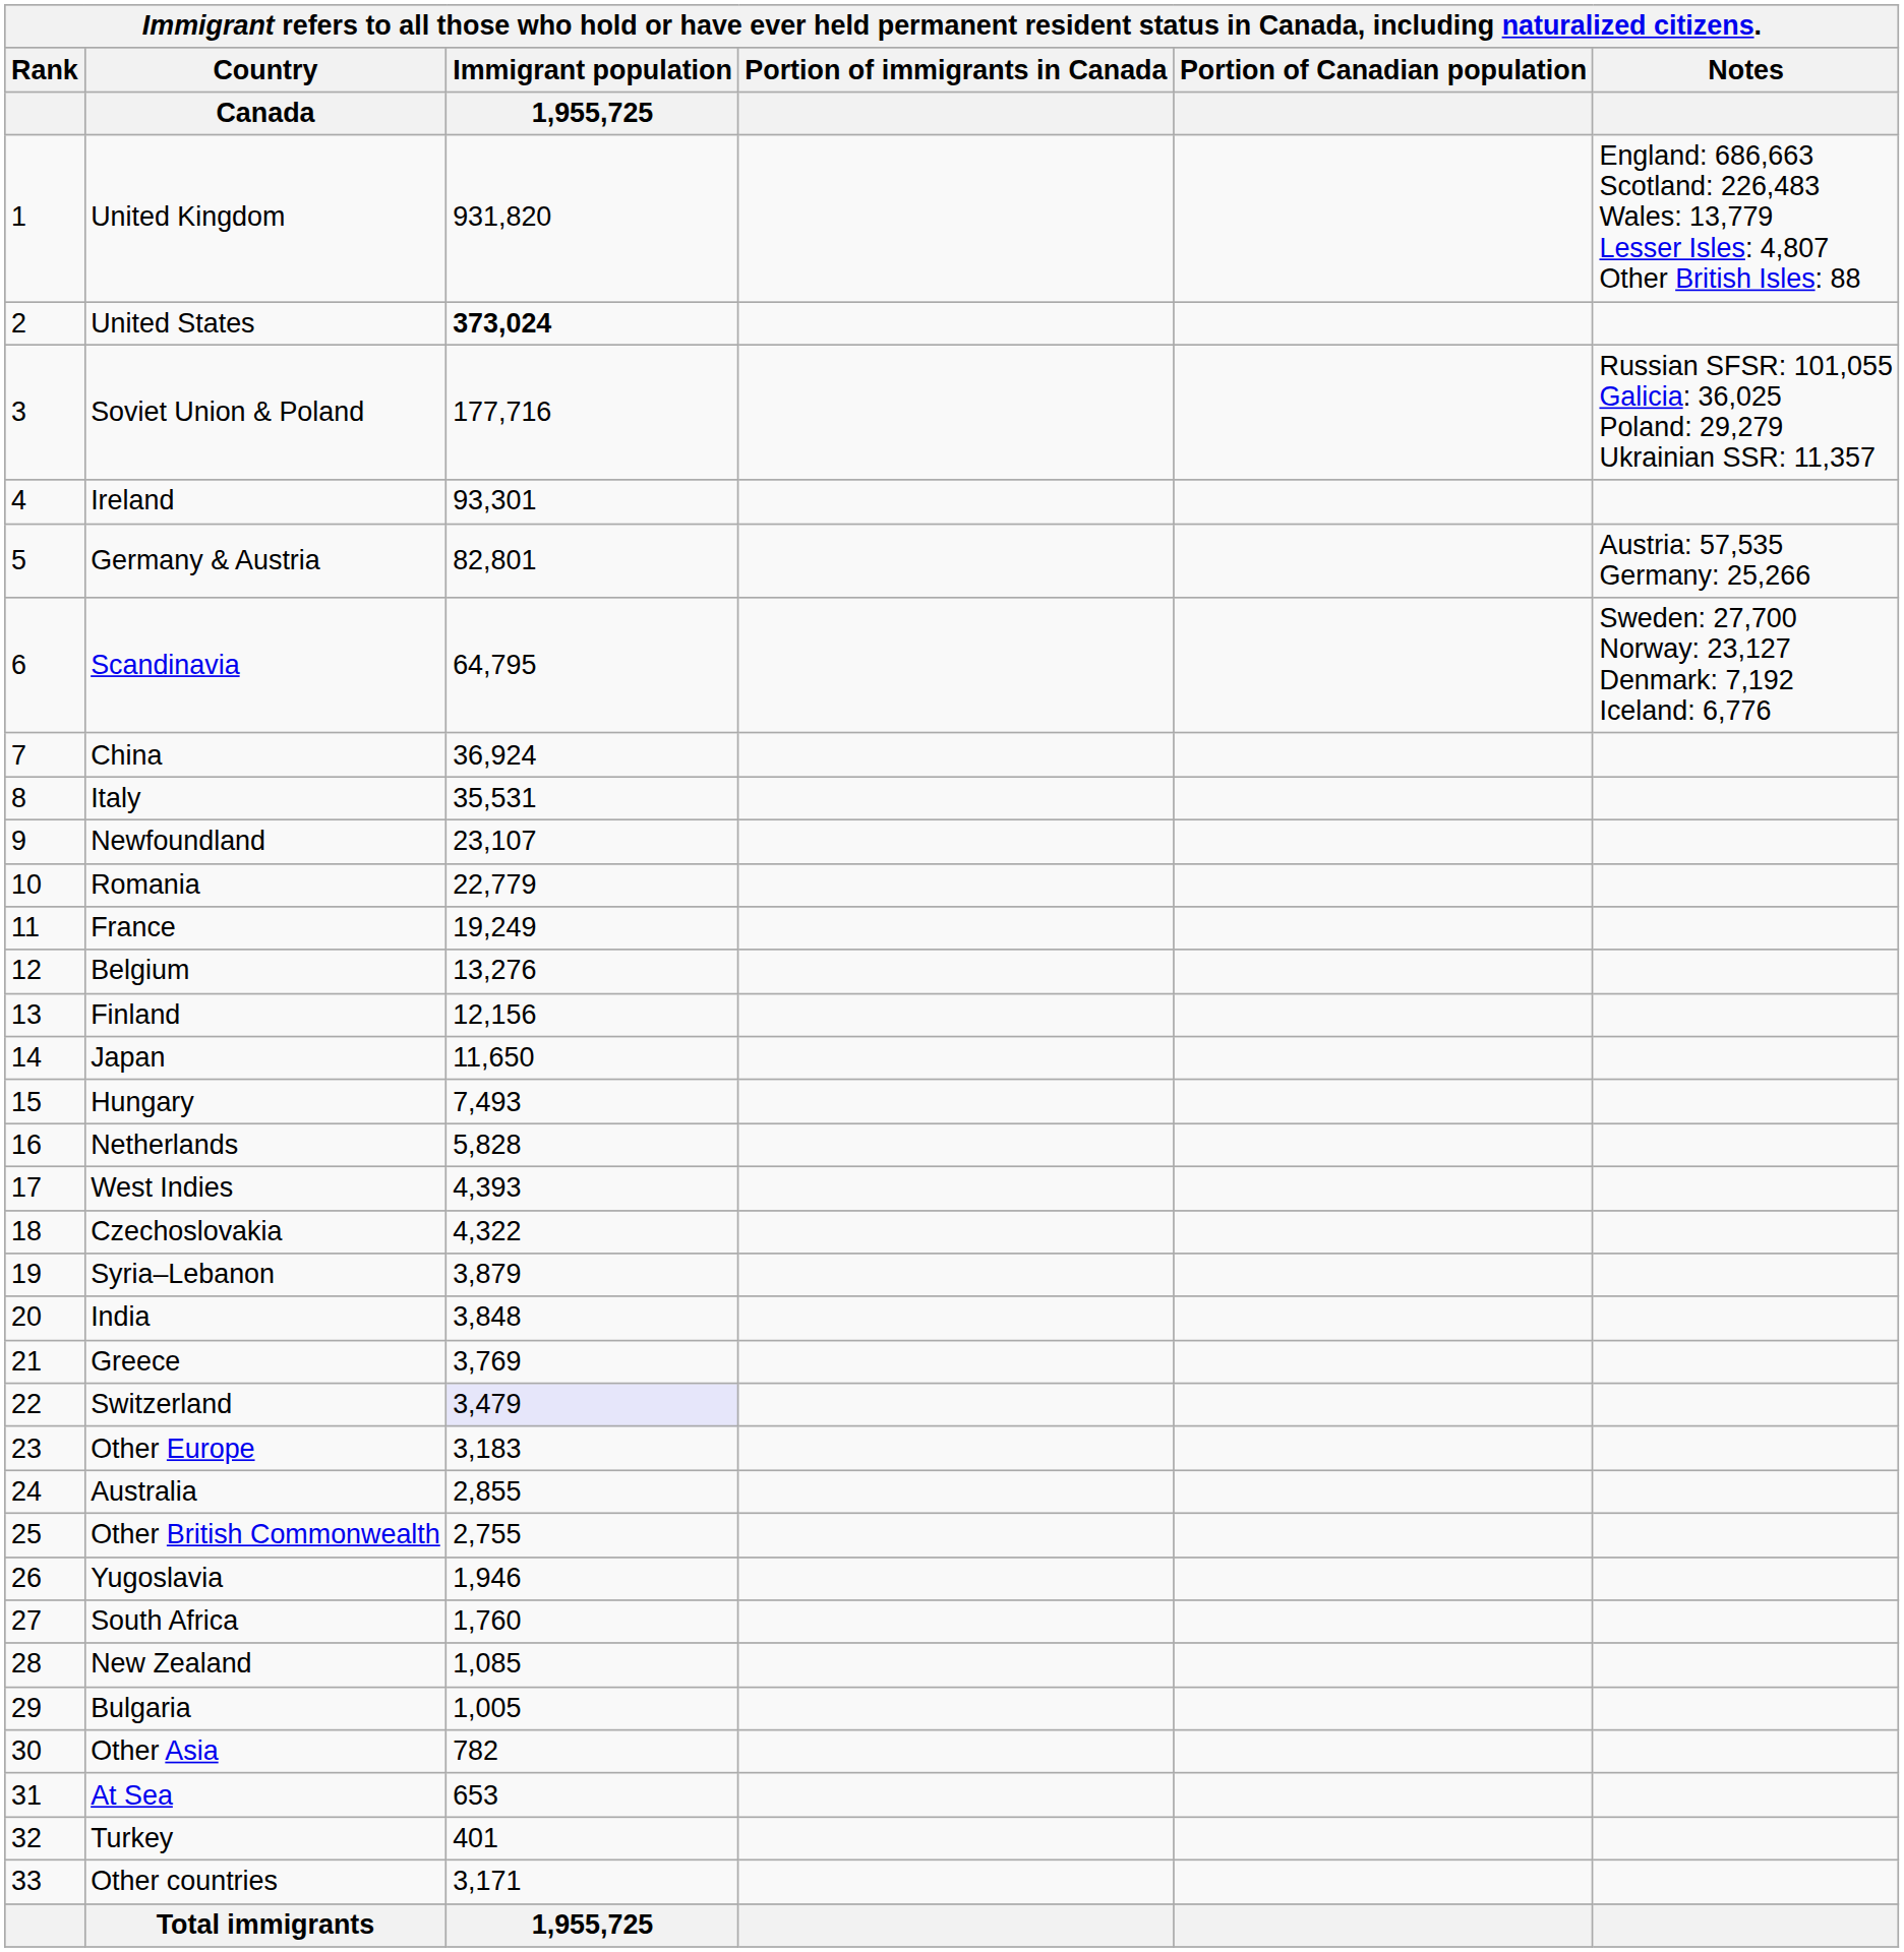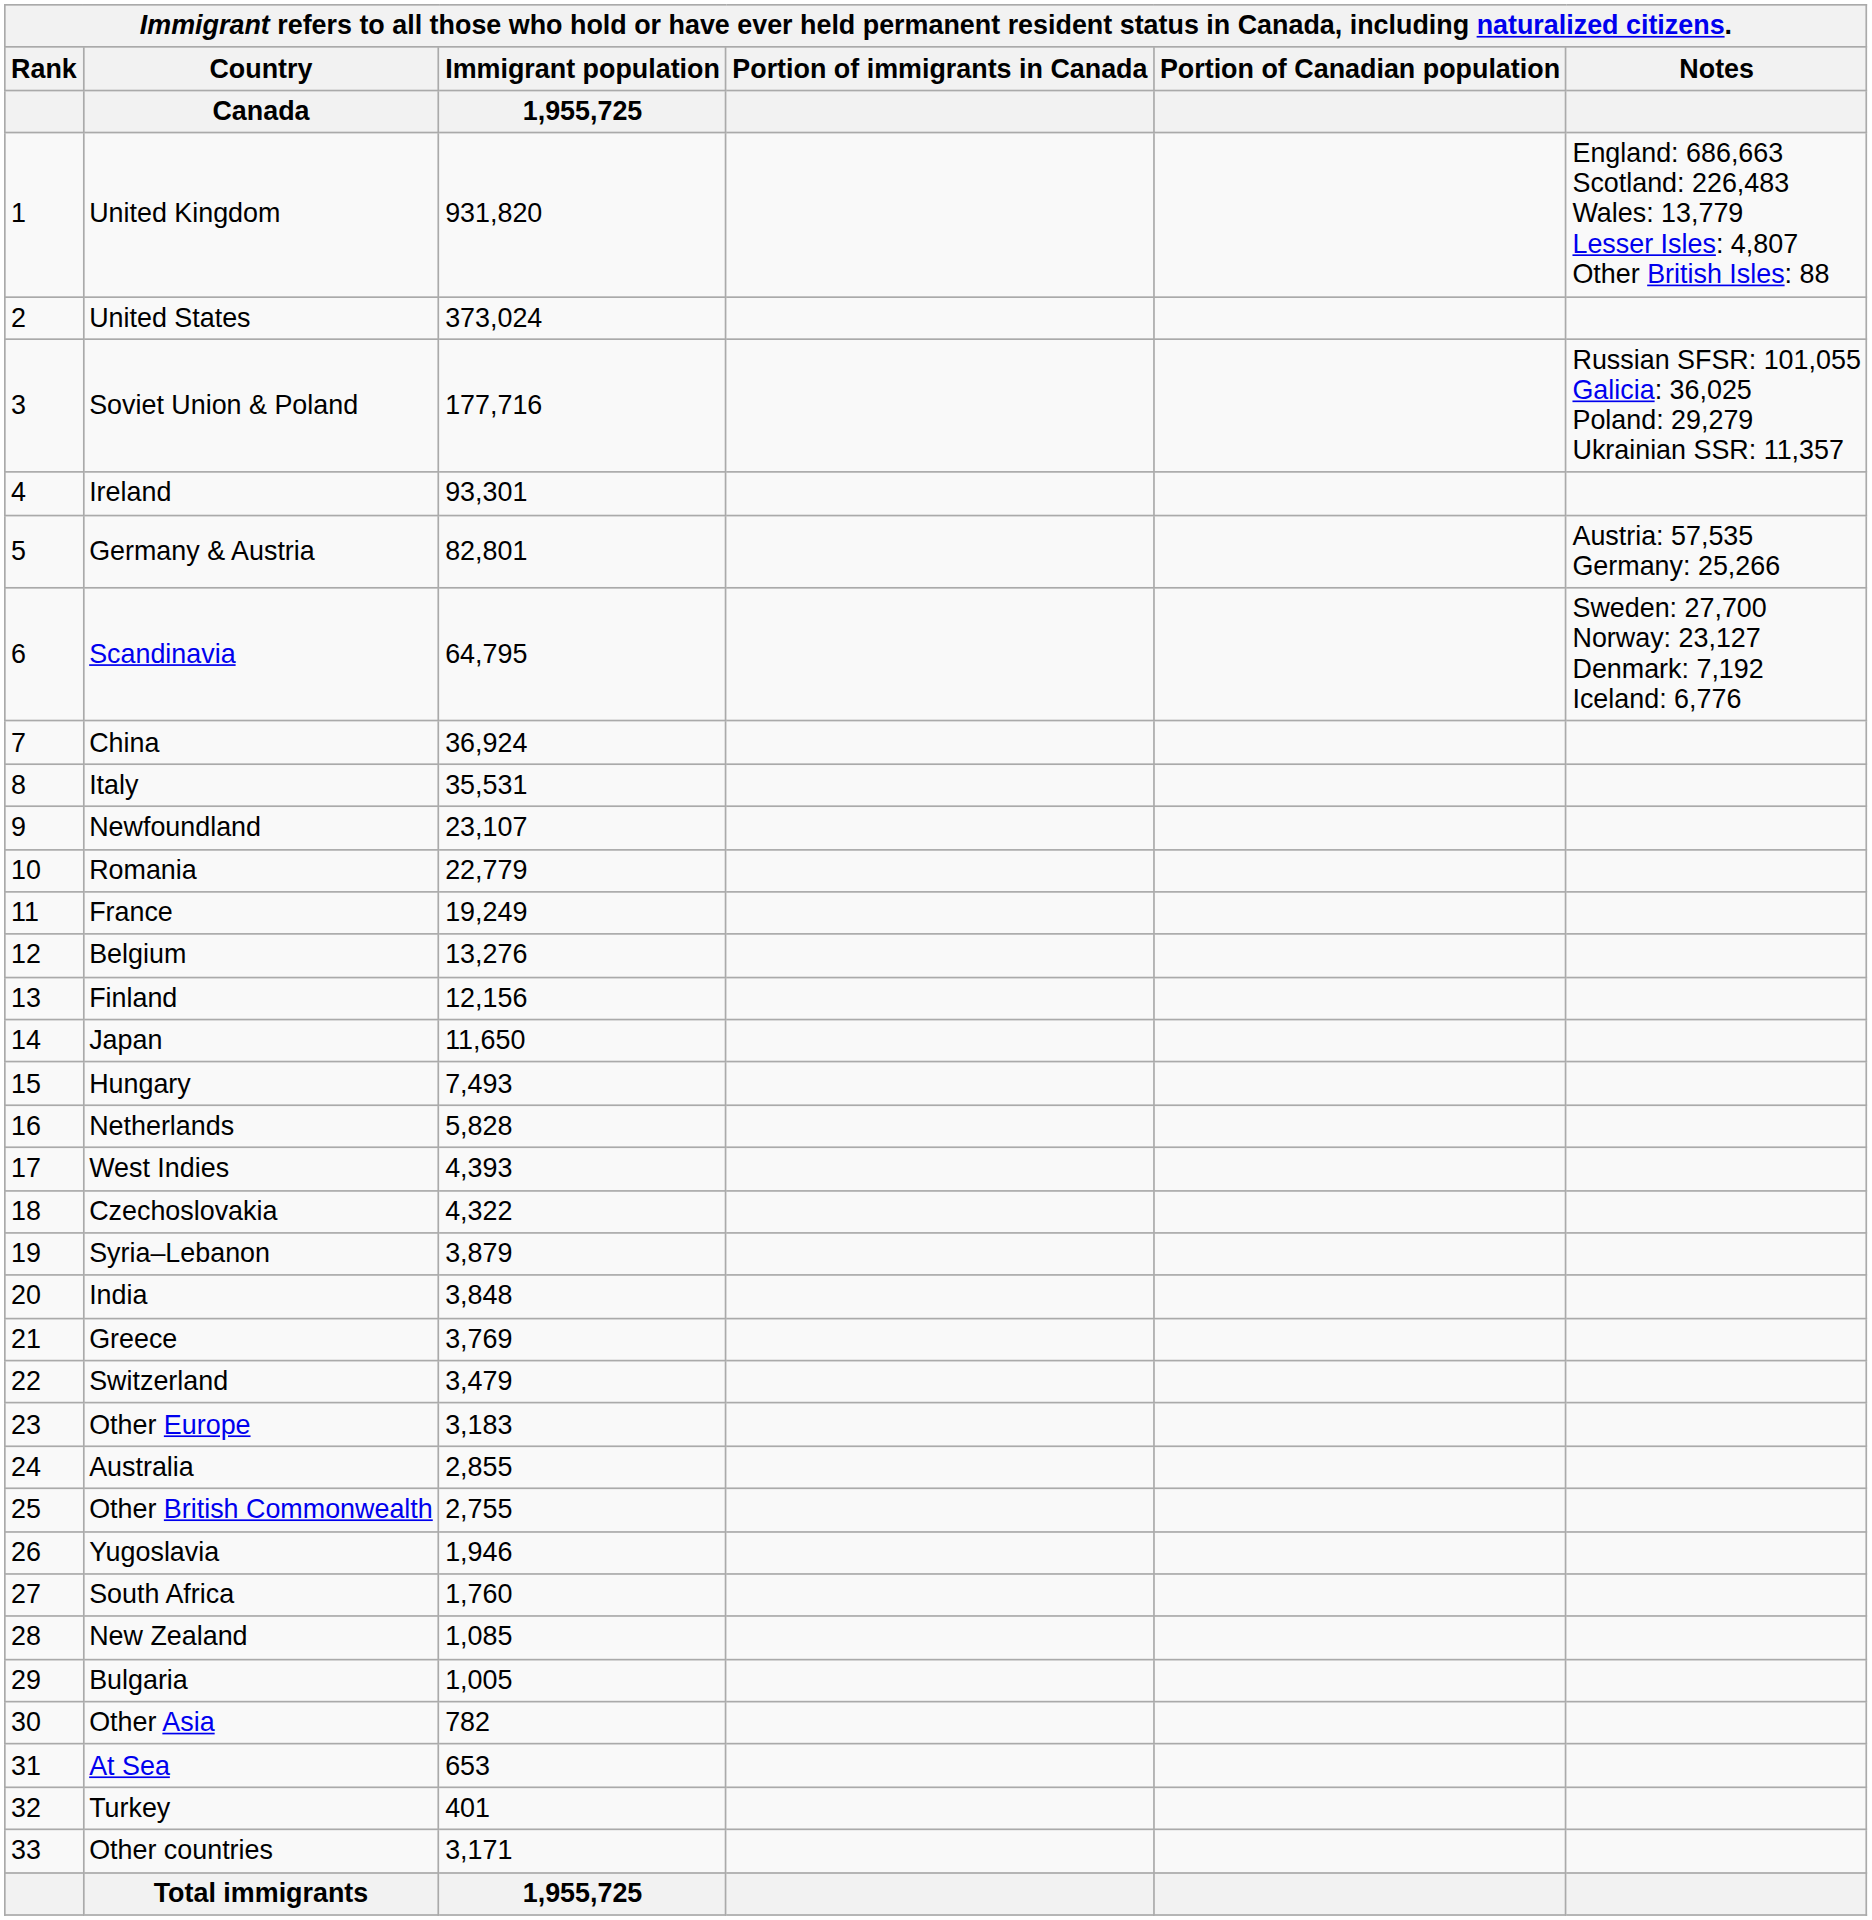 <table class="wikitable sortable">
 <tr>
 <th colspan="6"><em>Immigrant</em> refers to all those who hold or have ever held permanent resident status in Canada, including <a href='#'>naturalized citizens</a>.</th>
 </tr>
 <tr>
 <th>Rank</th>
 <th>Country</th>
 <th>Immigrant population</th>
 <th>Portion of immigrants in Canada</th>
 <th>Portion of Canadian population</th>
 <th>Notes</th>
 </tr>
 <tr>
 <th></th>
 <th>Canada</th>
 <th>1,955,725</th>
 <th></th>
 <th></th>
 <th></th>
 </tr>
 <tr>
 <td>1</td>
 <td>United Kingdom</td>
 <td>931,820</td>
 <td></td>
 <td></td>
 <td>England: 686,663<br>Scotland: 226,483<br>Wales: 13,779<br><a href='#'>Lesser Isles</a>: 4,807<br>Other <a href='#'>British Isles</a>: 88</td>
 </tr>
 <tr>
 <td>2</td>
 <td>United States</td>
-<td><strong>373,024</strong></td>
+<td>373,024</td>
 <td></td>
 <td></td>
 <td></td>
 </tr>
 <tr>
 <td>3</td>
 <td>Soviet Union & Poland</td>
 <td>177,716</td>
 <td></td>
 <td></td>
 <td>Russian SFSR: 101,055<br><a href='#'>Galicia</a>: 36,025<br>Poland: 29,279<br>Ukrainian SSR: 11,357</td>
 </tr>
 <tr>
 <td>4</td>
 <td>Ireland</td>
 <td>93,301</td>
 <td></td>
 <td></td>
 <td></td>
 </tr>
 <tr>
 <td>5</td>
 <td>Germany & Austria</td>
 <td>82,801</td>
 <td></td>
 <td></td>
 <td>Austria: 57,535<br>Germany: 25,266</td>
 </tr>
 <tr>
 <td>6</td>
 <td><a href='#'>Scandinavia</a></td>
 <td>64,795</td>
 <td></td>
 <td></td>
 <td>Sweden: 27,700<br>Norway: 23,127<br>Denmark: 7,192<br>Iceland: 6,776</td>
 </tr>
 <tr>
 <td>7</td>
 <td>China</td>
 <td>36,924</td>
 <td></td>
 <td></td>
 <td></td>
 </tr>
 <tr>
 <td>8</td>
 <td>Italy</td>
 <td>35,531</td>
 <td></td>
 <td></td>
 <td></td>
 </tr>
 <tr>
 <td>9</td>
 <td>Newfoundland</td>
 <td>23,107</td>
 <td></td>
 <td></td>
 <td></td>
 </tr>
 <tr>
 <td>10</td>
 <td>Romania</td>
 <td>22,779</td>
 <td></td>
 <td></td>
 <td></td>
 </tr>
 <tr>
 <td>11</td>
 <td>France</td>
 <td>19,249</td>
 <td></td>
 <td></td>
 <td></td>
 </tr>
 <tr>
 <td>12</td>
 <td>Belgium</td>
 <td>13,276</td>
 <td></td>
 <td></td>
 <td></td>
 </tr>
 <tr>
 <td>13</td>
 <td>Finland</td>
 <td>12,156</td>
 <td></td>
 <td></td>
 <td></td>
 </tr>
 <tr>
 <td>14</td>
 <td>Japan</td>
 <td>11,650</td>
 <td></td>
 <td></td>
 <td></td>
 </tr>
 <tr>
 <td>15</td>
 <td>Hungary</td>
 <td>7,493</td>
 <td></td>
 <td></td>
 <td></td>
 </tr>
 <tr>
 <td>16</td>
 <td>Netherlands</td>
 <td>5,828</td>
 <td></td>
 <td></td>
 <td></td>
 </tr>
 <tr>
 <td>17</td>
 <td>West Indies</td>
 <td>4,393</td>
 <td></td>
 <td></td>
 <td></td>
 </tr>
 <tr>
 <td>18</td>
 <td>Czechoslovakia</td>
 <td>4,322</td>
 <td></td>
 <td></td>
 <td></td>
 </tr>
 <tr>
 <td>19</td>
 <td>Syria–Lebanon</td>
 <td>3,879</td>
 <td></td>
 <td></td>
 <td></td>
 </tr>
 <tr>
 <td>20</td>
 <td>India</td>
 <td>3,848</td>
 <td></td>
 <td></td>
 <td></td>
 </tr>
 <tr>
 <td>21</td>
 <td>Greece</td>
 <td>3,769</td>
 <td></td>
 <td></td>
 <td></td>
 </tr>
 <tr>
 <td>22</td>
 <td>Switzerland</td>
-<td style="background: lavender;">3,479</td>
+<td>3,479</td>
 <td></td>
 <td></td>
 <td></td>
 </tr>
 <tr>
 <td>23</td>
 <td>Other <a href='#'>Europe</a></td>
 <td>3,183</td>
 <td></td>
 <td></td>
 <td></td>
 </tr>
 <tr>
 <td>24</td>
 <td>Australia</td>
 <td>2,855</td>
 <td></td>
 <td></td>
 <td></td>
 </tr>
 <tr>
 <td>25</td>
 <td>Other <a href='#'>British Commonwealth</a></td>
 <td>2,755</td>
 <td></td>
 <td></td>
 <td></td>
 </tr>
 <tr>
 <td>26</td>
 <td>Yugoslavia</td>
 <td>1,946</td>
 <td></td>
 <td></td>
 <td></td>
 </tr>
 <tr>
 <td>27</td>
 <td>South Africa</td>
 <td>1,760</td>
 <td></td>
 <td></td>
 <td></td>
 </tr>
 <tr>
 <td>28</td>
 <td>New Zealand</td>
 <td>1,085</td>
 <td></td>
 <td></td>
 <td></td>
 </tr>
 <tr>
 <td>29</td>
 <td>Bulgaria</td>
 <td>1,005</td>
 <td></td>
 <td></td>
 <td></td>
 </tr>
 <tr>
 <td>30</td>
 <td>Other <a href='#'>Asia</a></td>
 <td>782</td>
 <td></td>
 <td></td>
 <td></td>
 </tr>
 <tr>
 <td>31</td>
 <td><a href='#'>At Sea</a></td>
 <td>653</td>
 <td></td>
 <td></td>
 <td></td>
 </tr>
 <tr>
 <td>32</td>
 <td>Turkey</td>
 <td>401</td>
 <td></td>
 <td></td>
 <td></td>
 </tr>
 <tr>
 <td>33</td>
 <td>Other countries</td>
 <td>3,171</td>
 <td></td>
 <td></td>
 <td></td>
 </tr>
 <tr>
 <th></th>
 <th>Total immigrants</th>
 <th>1,955,725</th>
 <th></th>
 <th></th>
 <th></th>
 </tr>
 </table>
